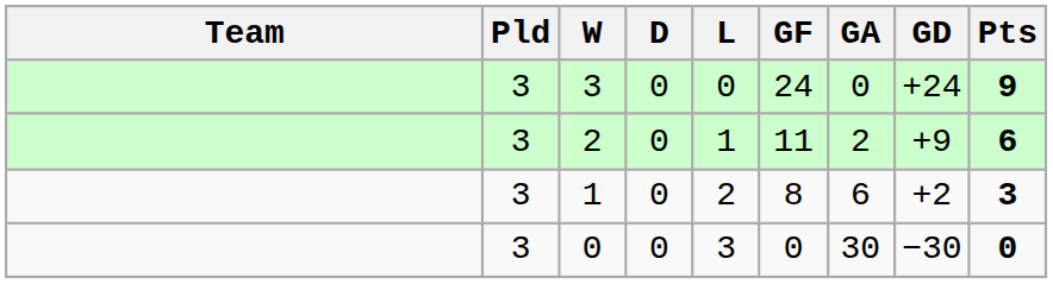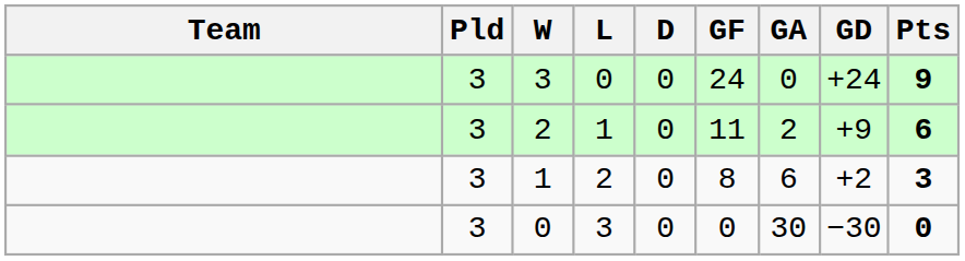 <table class="wikitable" style="text-align:center;">
 <tr>
 <th width=180>Team</th>
 <th width=20>Pld</th>
 <th width=20>W</th>
+<th width=20>L</th>
 <th width=20>D</th>
-<th width=20>L</th>
 <th width=20>GF</th>
 <th width=20>GA</th>
 <th width=20>GD</th>
 <th width=20>Pts </th>
 </tr>
 <tr align=center bgcolor="ccffcc">
 <td style="text-align:left;"></td>
 <td>3</td>
 <td>3</td>
 <td>0</td>
 <td>0</td>
 <td>24</td>
 <td>0</td>
 <td>+24</td>
 <td><strong>9</strong></td>
 </tr>
 <tr align=center bgcolor="ccffcc">
 <td style="text-align:left;"></td>
 <td>3</td>
 <td>2</td>
+<td>1</td>
 <td>0</td>
-<td>1</td>
 <td>11</td>
 <td>2</td>
 <td>+9</td>
 <td><strong>6</strong></td>
 </tr>
 <tr align=center>
 <td style="text-align:left;"></td>
 <td>3</td>
 <td>1</td>
+<td>2</td>
 <td>0</td>
-<td>2</td>
 <td>8</td>
 <td>6</td>
 <td>+2</td>
 <td><strong>3</strong></td>
 </tr>
 <tr align=center>
 <td style="text-align:left;"></td>
 <td>3</td>
 <td>0</td>
+<td>3</td>
 <td>0</td>
-<td>3</td>
 <td>0</td>
 <td>30</td>
 <td>−30</td>
 <td><strong>0</strong></td>
 </tr>
 </table>
